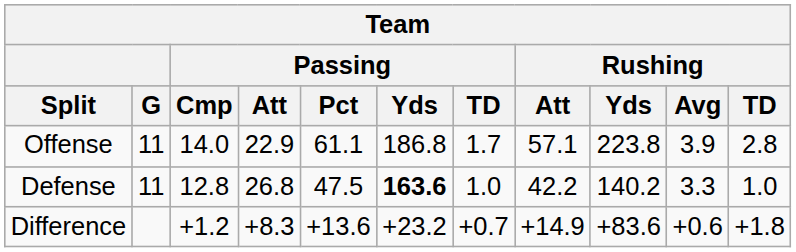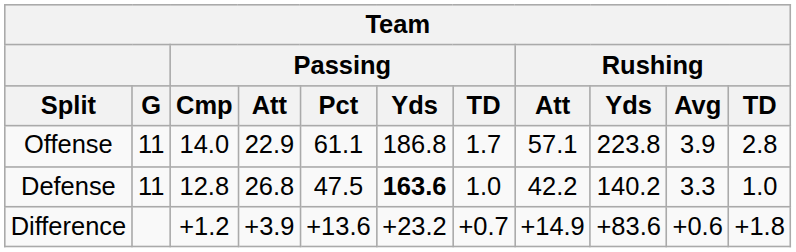 <table class="wikitable" style="text-align:center">
 <tr>
 <th colspan="11">Team</th>
 </tr>
 <tr>
 <th colspan="2"></th>
 <th colspan="5">Passing</th>
 <th colspan="4">Rushing</th>
 </tr>
 <tr>
 <th>Split</th>
 <th>G</th>
 <th>Cmp</th>
 <th>Att</th>
 <th>Pct</th>
 <th>Yds</th>
 <th>TD</th>
 <th>Att</th>
 <th>Yds</th>
 <th>Avg</th>
 <th>TD</th>
 </tr>
 <tr>
 <td>Offense</td>
 <td>11</td>
 <td>14.0</td>
 <td>22.9</td>
 <td>61.1</td>
 <td>186.8</td>
 <td>1.7</td>
 <td>57.1</td>
 <td>223.8</td>
 <td>3.9</td>
 <td>2.8</td>
 </tr>
 <tr>
 <td>Defense</td>
 <td>11</td>
 <td>12.8</td>
 <td>26.8</td>
 <td>47.5</td>
 <td><strong>163.6</strong></td>
 <td>1.0</td>
 <td>42.2</td>
 <td>140.2</td>
 <td>3.3</td>
 <td>1.0</td>
 </tr>
 <tr>
 <td>Difference</td>
 <td></td>
 <td>+1.2</td>
-<td>+8.3</td>
+<td>+3.9</td>
 <td>+13.6</td>
 <td>+23.2</td>
 <td>+0.7</td>
 <td>+14.9</td>
 <td>+83.6</td>
 <td>+0.6</td>
 <td>+1.8</td>
 </tr>
 </table>
